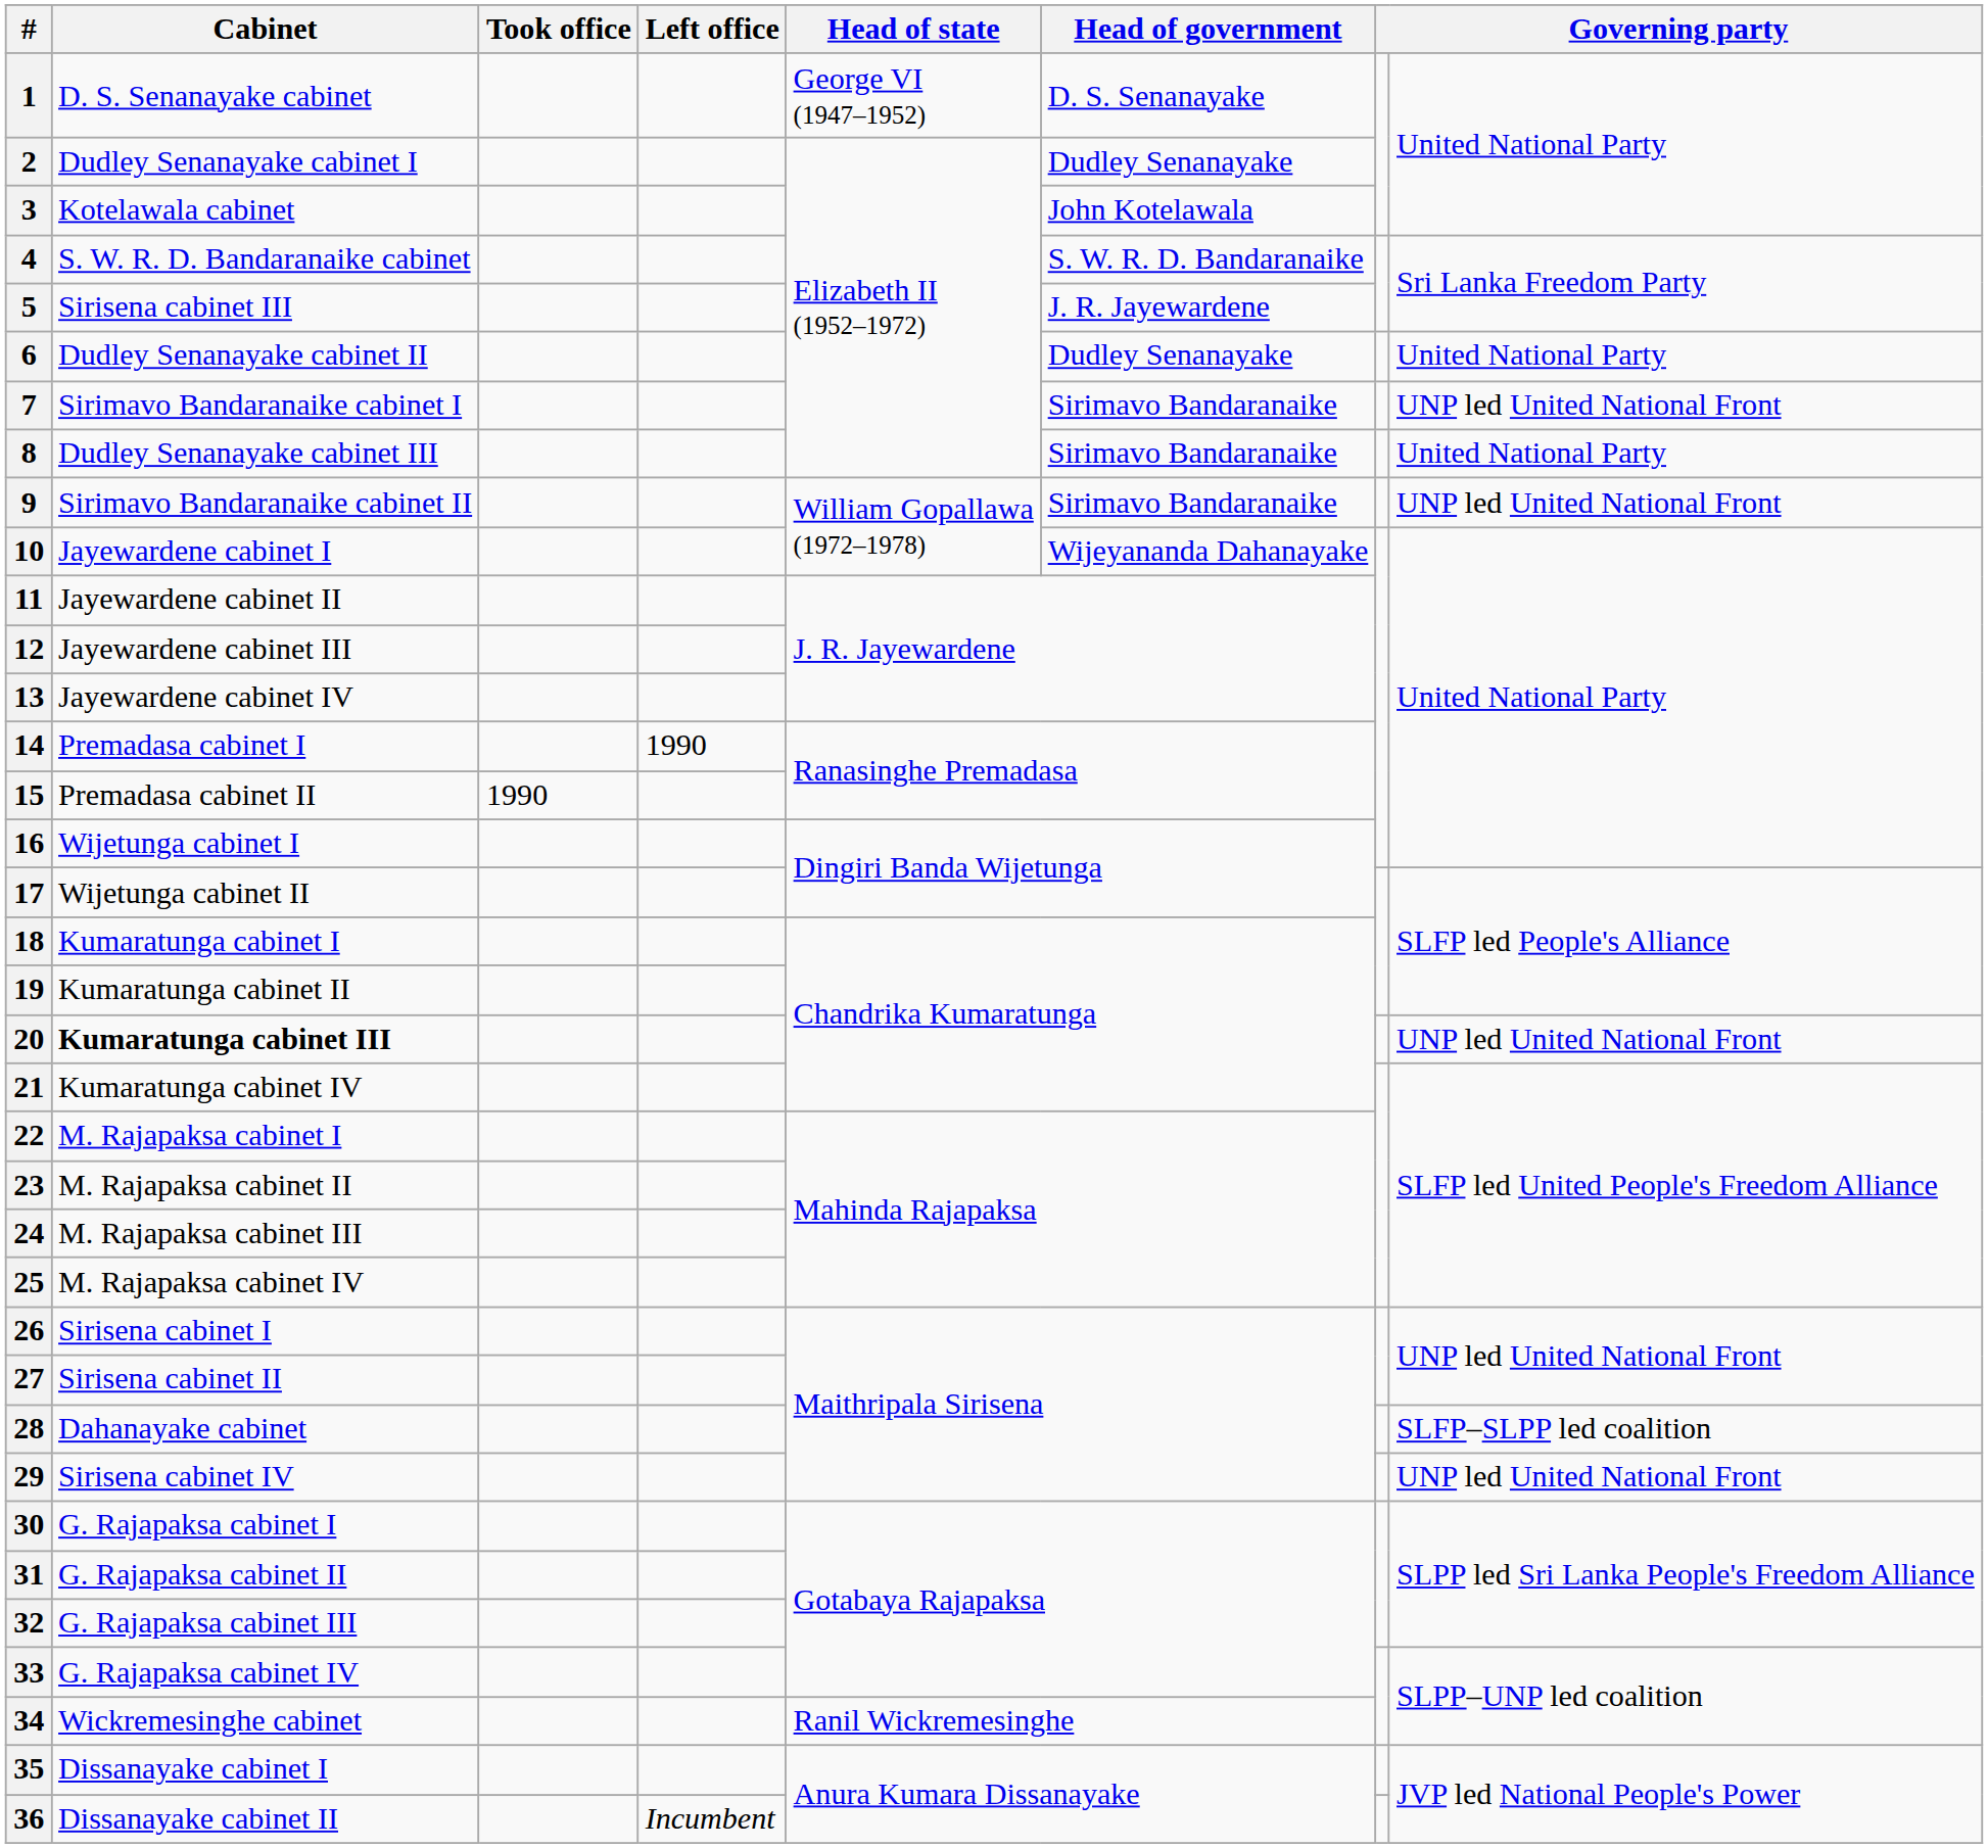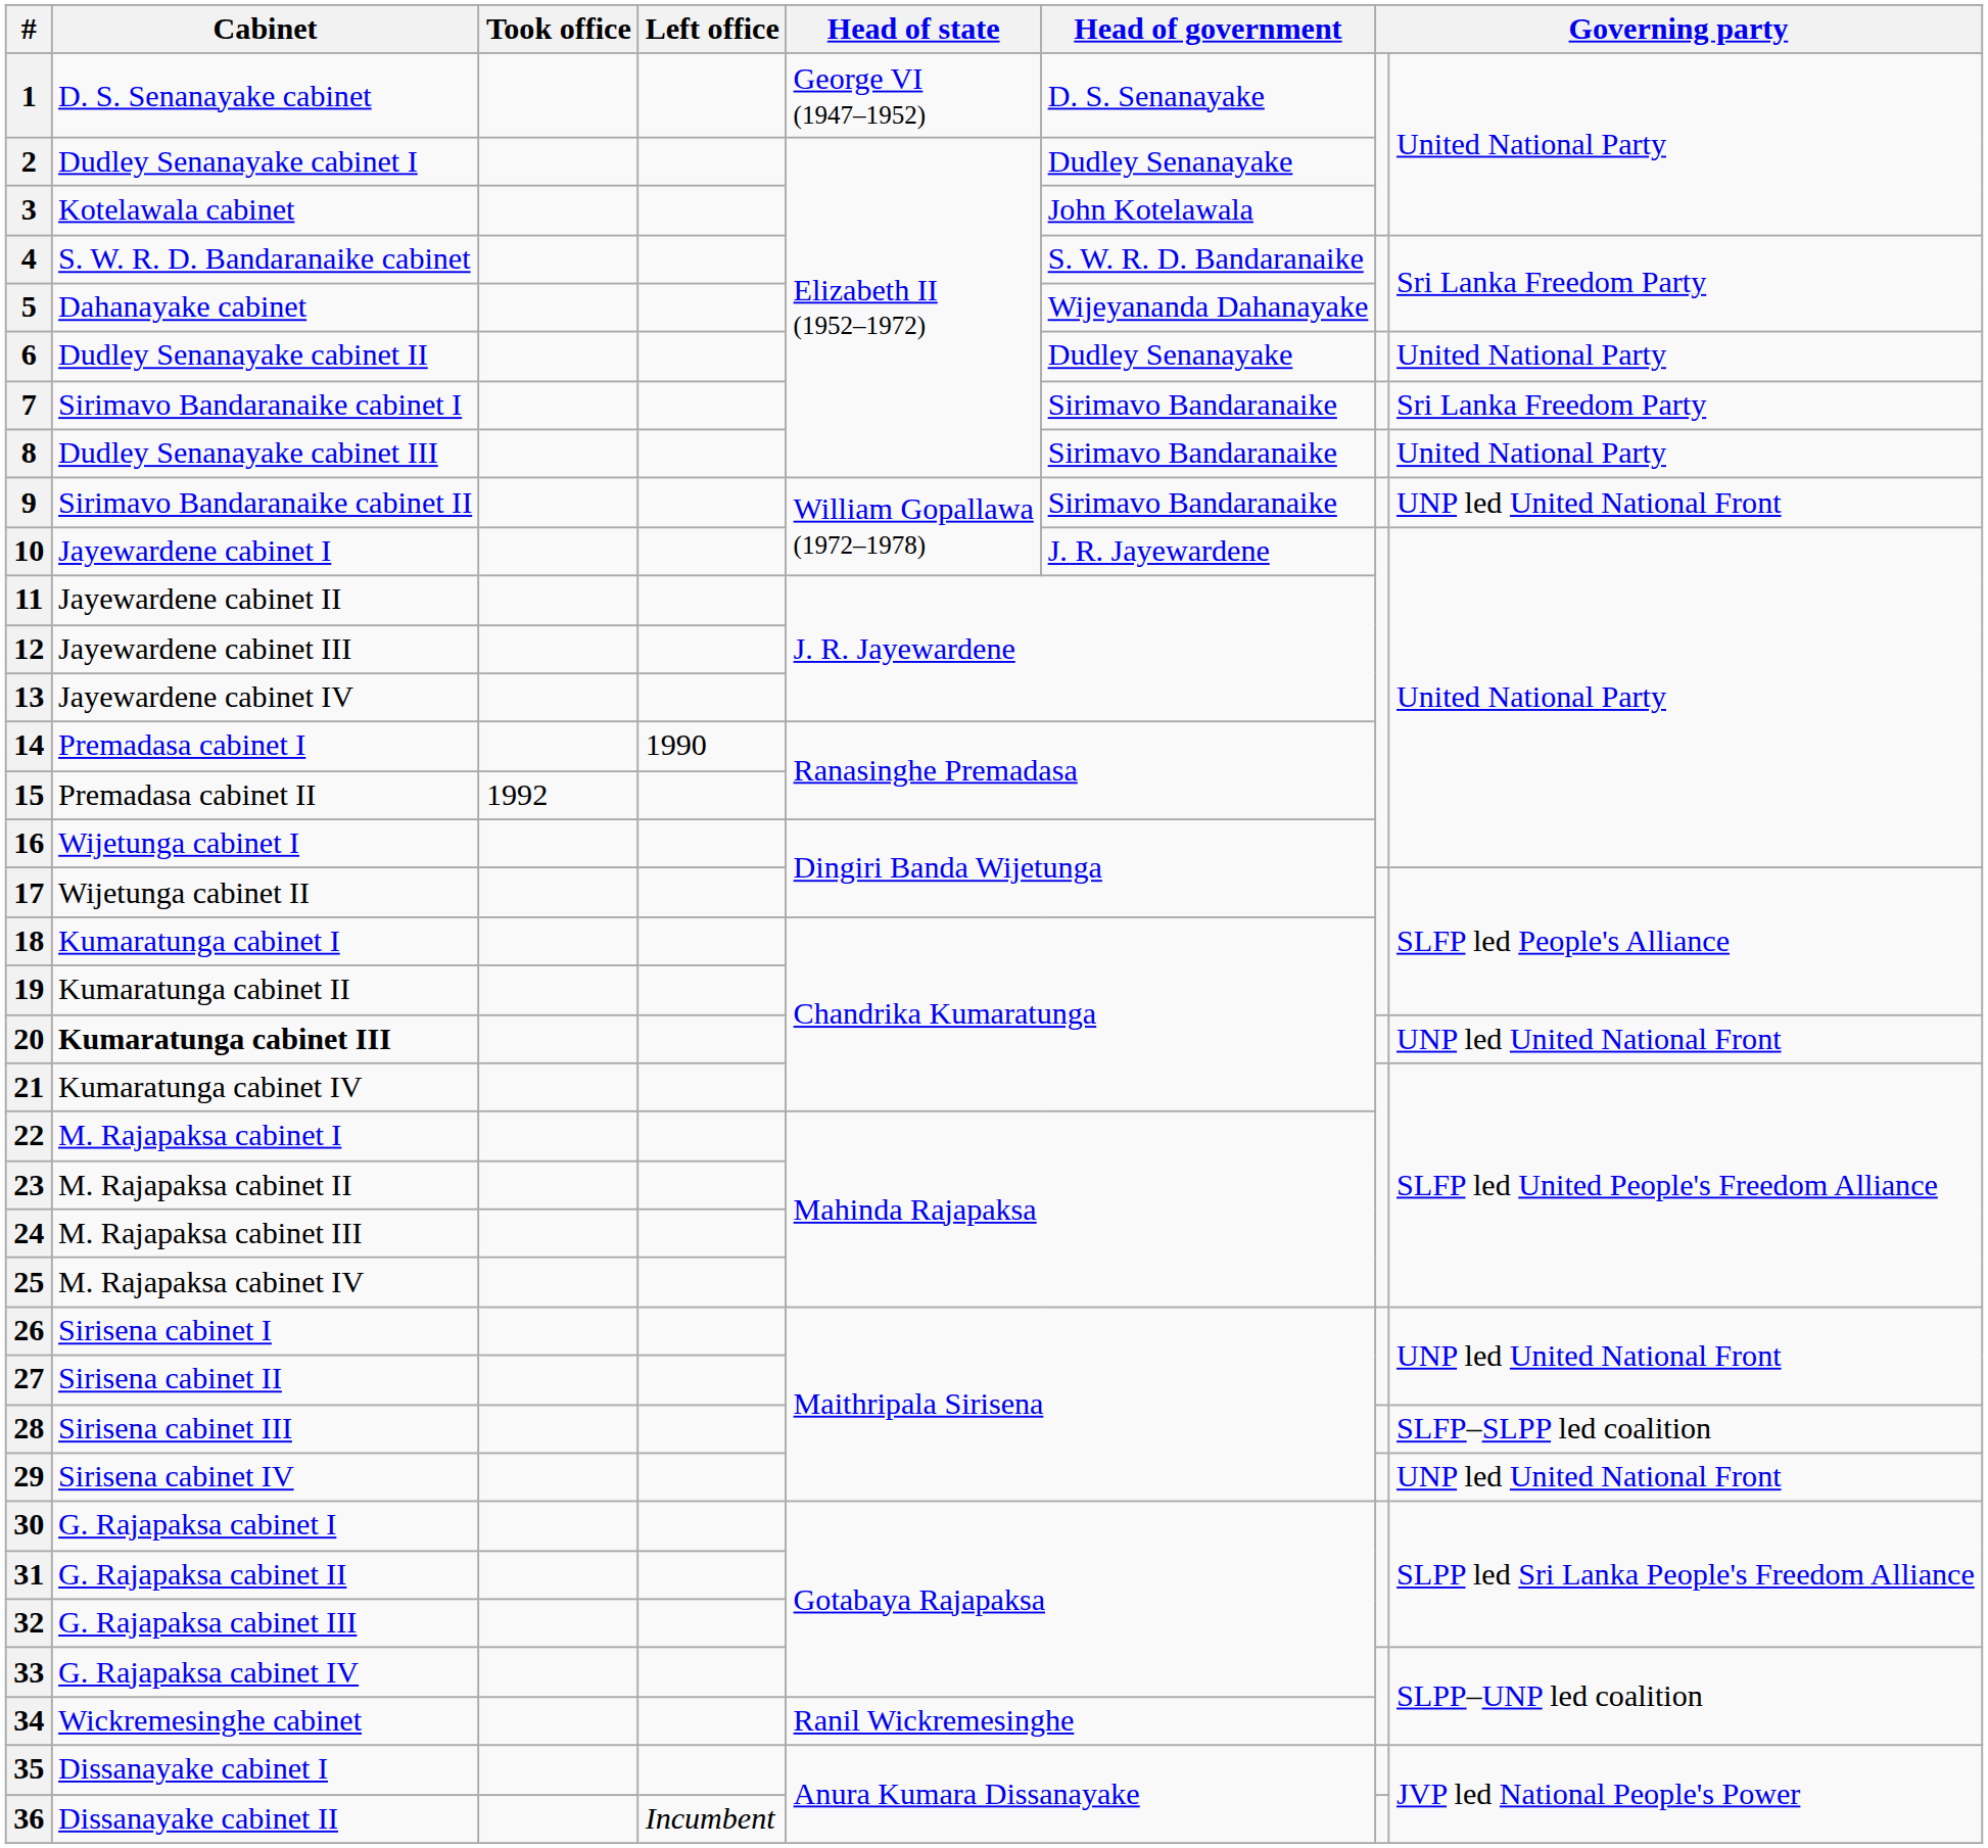 <table class="wikitable" style="margin:0.5em auto">
 <tr>
 <th>#</th>
 <th>Cabinet</th>
 <th>Took office</th>
 <th>Left office</th>
 <th><a href='#'>Head of state</a></th>
 <th><a href='#'>Head of government</a></th>
 <th colspan="2"><a href='#'>Governing party</a></th>
 </tr>
 <tr>
 <th>1</th>
 <td><a href='#'>D. S. Senanayake cabinet</a></td>
 <td></td>
 <td></td>
 <td><a href='#'>George VI</a><br><small>(1947–1952)</small></td>
 <td><a href='#'>D. S. Senanayake</a></td>
 <td rowspan="3" style="background:"></td>
 <td rowspan="3"><a href='#'>United National Party</a></td>
 </tr>
 <tr>
 <th>2</th>
 <td><a href='#'>Dudley Senanayake cabinet I</a></td>
 <td></td>
 <td></td>
 <td rowspan="7"><a href='#'>Elizabeth II</a><br><small>(1952–1972)</small></td>
 <td><a href='#'>Dudley Senanayake</a></td>
 </tr>
 <tr>
 <th>3</th>
 <td><a href='#'>Kotelawala cabinet</a></td>
 <td></td>
 <td></td>
 <td><a href='#'>John Kotelawala</a></td>
 </tr>
 <tr>
 <th>4</th>
 <td><a href='#'>S. W. R. D. Bandaranaike cabinet</a></td>
 <td></td>
 <td></td>
 <td><a href='#'>S. W. R. D. Bandaranaike</a></td>
 <td rowspan="2" style="background:"></td>
 <td rowspan="2"><a href='#'>Sri Lanka Freedom Party</a></td>
 </tr>
 <tr>
 <th>5</th>
-<td><a href='#'>Sirisena cabinet III</a></td>
+<td><a href='#'>Dahanayake cabinet</a></td>
 <td></td>
 <td></td>
-<td><a href='#'>J. R. Jayewardene</a></td>
+<td><a href='#'>Wijeyananda Dahanayake</a></td>
 </tr>
 <tr>
 <th>6</th>
 <td><a href='#'>Dudley Senanayake cabinet II</a></td>
 <td></td>
 <td></td>
 <td><a href='#'>Dudley Senanayake</a></td>
 <td style="background:"></td>
 <td><a href='#'>United National Party</a></td>
 </tr>
 <tr>
 <th>7</th>
 <td><a href='#'>Sirimavo Bandaranaike cabinet I</a></td>
 <td></td>
 <td></td>
 <td><a href='#'>Sirimavo Bandaranaike</a></td>
 <td style="background:"></td>
-<td><a href='#'>UNP</a> led <a href='#'>United National Front</a></td>
+<td><a href='#'>Sri Lanka Freedom Party</a></td>
 </tr>
 <tr>
 <th>8</th>
 <td><a href='#'>Dudley Senanayake cabinet III</a></td>
 <td></td>
 <td></td>
 <td><a href='#'>Sirimavo Bandaranaike</a></td>
 <td style="background:"></td>
 <td><a href='#'>United National Party</a></td>
 </tr>
 <tr>
 <th>9</th>
 <td><a href='#'>Sirimavo Bandaranaike cabinet II</a></td>
 <td></td>
 <td></td>
 <td rowspan="2"><a href='#'>William Gopallawa</a><br><small>(1972–1978)</small></td>
 <td><a href='#'>Sirimavo Bandaranaike</a></td>
 <td style="background:"></td>
 <td><a href='#'>UNP</a> led <a href='#'>United National Front</a></td>
 </tr>
 <tr>
 <th>10</th>
 <td><a href='#'>Jayewardene cabinet I</a></td>
 <td></td>
 <td></td>
-<td><a href='#'>Wijeyananda Dahanayake</a></td>
+<td><a href='#'>J. R. Jayewardene</a></td>
 <td rowspan="7" style="background:"></td>
 <td rowspan="7"><a href='#'>United National Party</a></td>
 </tr>
 <tr>
 <th>11</th>
 <td>Jayewardene cabinet II</td>
 <td></td>
 <td></td>
 <td colspan="2" rowspan="3"><a href='#'>J. R. Jayewardene</a></td>
 </tr>
 <tr>
 <th>12</th>
 <td>Jayewardene cabinet III</td>
 <td></td>
 <td></td>
 </tr>
 <tr>
 <th>13</th>
 <td>Jayewardene cabinet IV</td>
 <td></td>
 <td></td>
 </tr>
 <tr>
 <th>14</th>
 <td><a href='#'>Premadasa cabinet I</a></td>
 <td></td>
 <td>1990</td>
 <td colspan="2" rowspan="2"><a href='#'>Ranasinghe Premadasa</a></td>
 </tr>
 <tr>
 <th>15</th>
 <td>Premadasa cabinet II</td>
-<td>1990</td>
+<td>1992</td>
 <td></td>
 </tr>
 <tr>
 <th>16</th>
 <td><a href='#'>Wijetunga cabinet I</a></td>
 <td></td>
 <td></td>
 <td colspan="2" rowspan="2"><a href='#'>Dingiri Banda Wijetunga</a></td>
 </tr>
 <tr>
 <th>17</th>
 <td>Wijetunga cabinet II</td>
 <td></td>
 <td></td>
 <td rowspan="3" style="background:"></td>
 <td rowspan="3"><a href='#'>SLFP</a> led <a href='#'>People's Alliance</a></td>
 </tr>
 <tr>
 <th>18</th>
 <td><a href='#'>Kumaratunga cabinet I</a></td>
 <td></td>
 <td></td>
 <td colspan="2" rowspan="4"><a href='#'>Chandrika Kumaratunga</a></td>
 </tr>
 <tr>
 <th>19</th>
 <td>Kumaratunga cabinet II</td>
 <td></td>
 <td></td>
 </tr>
 <tr>
 <th>20</th>
 <td><strong>Kumaratunga cabinet III</strong></td>
 <td></td>
 <td></td>
 <td style="background:"></td>
 <td><a href='#'>UNP</a> led <a href='#'>United National Front</a></td>
 </tr>
 <tr>
 <th>21</th>
 <td>Kumaratunga cabinet IV</td>
 <td></td>
 <td></td>
 <td rowspan="5" style="background:"></td>
 <td rowspan="5"><a href='#'>SLFP</a> led <a href='#'>United People's Freedom Alliance</a></td>
 </tr>
 <tr>
 <th>22</th>
 <td><a href='#'>M. Rajapaksa cabinet I</a></td>
 <td></td>
 <td></td>
 <td colspan="2" rowspan="4"><a href='#'>Mahinda Rajapaksa</a></td>
 </tr>
 <tr>
 <th>23</th>
 <td>M. Rajapaksa cabinet II</td>
 <td></td>
 <td></td>
 </tr>
 <tr>
 <th>24</th>
 <td>M. Rajapaksa cabinet III</td>
 <td></td>
 <td></td>
 </tr>
 <tr>
 <th>25</th>
 <td>M. Rajapaksa cabinet IV</td>
 <td></td>
 <td></td>
 </tr>
 <tr>
 <th>26</th>
 <td><a href='#'>Sirisena cabinet I</a></td>
 <td></td>
 <td></td>
 <td colspan="2" rowspan="4"><a href='#'>Maithripala Sirisena</a></td>
 <td rowspan="2" style="background:"></td>
 <td rowspan="2"><a href='#'>UNP</a> led <a href='#'>United National Front</a></td>
 </tr>
 <tr>
 <th>27</th>
 <td><a href='#'>Sirisena cabinet II</a></td>
 <td></td>
 <td></td>
 </tr>
 <tr>
 <th>28</th>
-<td><a href='#'>Dahanayake cabinet</a></td>
+<td><a href='#'>Sirisena cabinet III</a></td>
 <td></td>
 <td></td>
 <td style="background:"></td>
 <td><a href='#'>SLFP</a>–<a href='#'>SLPP</a> led  coalition</td>
 </tr>
 <tr>
 <th>29</th>
 <td><a href='#'>Sirisena cabinet IV</a></td>
 <td></td>
 <td></td>
 <td style="background:"></td>
 <td><a href='#'>UNP</a> led <a href='#'>United National Front</a></td>
 </tr>
 <tr>
 <th>30</th>
 <td><a href='#'>G. Rajapaksa cabinet I</a></td>
 <td></td>
 <td></td>
 <td colspan="2" rowspan="4"><a href='#'>Gotabaya Rajapaksa</a></td>
 <td rowspan="3" style="background:"></td>
 <td rowspan="3"><a href='#'>SLPP</a> led <a href='#'>Sri Lanka People's Freedom Alliance</a></td>
 </tr>
 <tr>
 <th>31</th>
 <td><a href='#'>G. Rajapaksa cabinet II</a></td>
 <td></td>
 <td></td>
 </tr>
 <tr>
 <th>32</th>
 <td><a href='#'>G. Rajapaksa cabinet III</a></td>
 <td></td>
 <td></td>
 </tr>
 <tr>
 <th>33</th>
 <td><a href='#'>G. Rajapaksa cabinet IV</a></td>
 <td></td>
 <td></td>
 <td rowspan="2" style="background:"></td>
 <td rowspan="2"><a href='#'>SLPP</a>–<a href='#'>UNP</a> led coalition</td>
 </tr>
 <tr>
 <th>34</th>
 <td><a href='#'>Wickremesinghe cabinet</a></td>
 <td></td>
 <td></td>
 <td colspan="2"><a href='#'>Ranil Wickremesinghe</a></td>
 </tr>
 <tr>
 <th>35</th>
 <td><a href='#'>Dissanayake cabinet I</a></td>
 <td></td>
 <td></td>
 <td colspan="2" rowspan="2"><a href='#'>Anura Kumara Dissanayake</a></td>
 <td style="background:"></td>
 <td rowspan="2"><a href='#'>JVP</a> led <a href='#'>National People's Power</a></td>
 </tr>
 <tr>
 <th>36</th>
 <td><a href='#'>Dissanayake cabinet II</a></td>
 <td></td>
 <td><em>Incumbent</em></td>
 </tr>
 </table>
